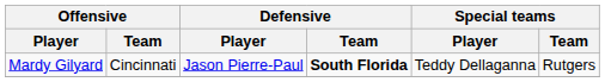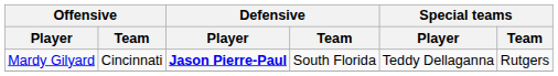 <table class="wikitable" border="1">
 <tr>
 <th colspan="2">Offensive</th>
 <th colspan="2">Defensive</th>
 <th colspan="2">Special teams</th>
 </tr>
 <tr>
 <th>Player</th>
 <th>Team</th>
 <th>Player</th>
 <th>Team</th>
 <th>Player</th>
 <th>Team</th>
 </tr>
 <tr>
 <td><a href='#'>Mardy Gilyard</a></td>
 <td>Cincinnati</td>
-<td><a href='#'>Jason Pierre-Paul</a></td>
-<td><strong>South Florida</strong></td>
+<td><strong><a href='#'>Jason Pierre-Paul</a></strong></td>
+<td>South Florida</td>
 <td>Teddy Dellaganna</td>
 <td>Rutgers</td>
 </tr>
 <tr>
 </tr>
 </table>
